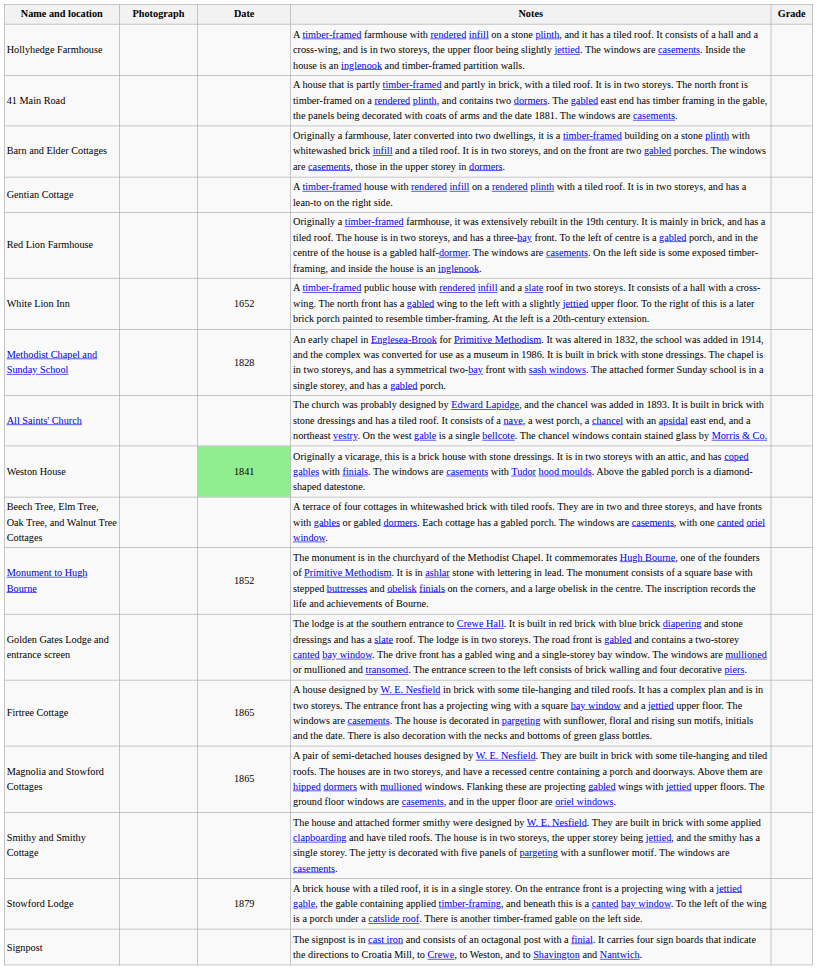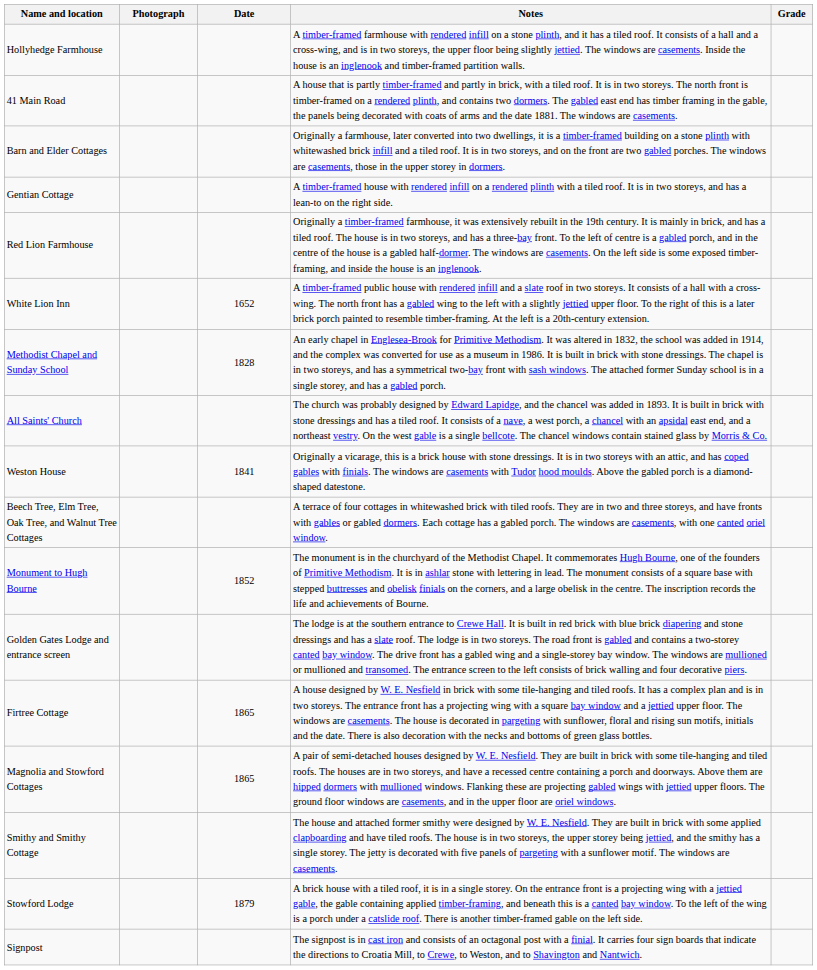 <table class="wikitable sortable plainrowheaders" style="width:100%;border:0px;text-align:left;line-height:150%;">
 <tr>
 <th scope="col"  style="width:150px">Name and location</th>
 <th scope="col"  style="width:100px" class="unsortable">Photograph</th>
 <th scope="col"  style="width:120px">Date</th>
 <th scope="col"  style="width:650px" class="unsortable">Notes</th>
 <th scope="col"  style="width:50px">Grade</th>
 </tr>
 <tr>
 <td>Hollyhedge Farmhouse<br><small></small></td>
 <td></td>
 <td align="center"></td>
 <td>A <a href='#'>timber-framed</a> farmhouse with <a href='#'>rendered</a> <a href='#'>infill</a> on a stone <a href='#'>plinth</a>, and it has a tiled roof.  It consists of a hall and a cross-wing, and is in two storeys, the upper floor being slightly <a href='#'>jettied</a>.  The windows are <a href='#'>casements</a>.  Inside the house is an <a href='#'>inglenook</a> and timber-framed partition walls.</td>
 <td align="center" ></td>
 </tr>
 <tr>
 <td>41 Main Road<br><small></small></td>
 <td></td>
 <td align="center"></td>
 <td>A house that is partly <a href='#'>timber-framed</a> and partly in brick, with a tiled roof.  It is in two storeys.  The north front is timber-framed on a <a href='#'>rendered</a> <a href='#'>plinth</a>, and contains two <a href='#'>dormers</a>.  The <a href='#'>gabled</a> east end has timber framing in the gable, the panels being decorated with coats of arms and the date 1881.  The windows are <a href='#'>casements</a>.</td>
 <td align="center" ></td>
 </tr>
 <tr>
 <td>Barn and Elder Cottages<br><small></small></td>
 <td></td>
 <td align="center"></td>
 <td>Originally a farmhouse, later converted into two dwellings, it is a <a href='#'>timber-framed</a> building on a stone <a href='#'>plinth</a> with whitewashed brick <a href='#'>infill</a> and a tiled roof.  It is in two storeys, and on the front are two <a href='#'>gabled</a> porches.  The windows are <a href='#'>casements</a>, those in the upper storey in <a href='#'>dormers</a>.</td>
 <td align="center" ></td>
 </tr>
 <tr>
 <td>Gentian Cottage<br><small></small></td>
 <td></td>
 <td align="center"></td>
 <td>A <a href='#'>timber-framed</a> house with <a href='#'>rendered</a> <a href='#'>infill</a> on a <a href='#'>rendered</a> <a href='#'>plinth</a> with a tiled roof.  It is in two storeys, and has a lean-to on the right side.</td>
 <td align="center" ></td>
 </tr>
 <tr>
 <td>Red Lion Farmhouse<br><small></small></td>
 <td></td>
 <td align="center"></td>
 <td>Originally a <a href='#'>timber-framed</a> farmhouse, it was extensively rebuilt in the 19th century.  It is mainly in brick, and has a tiled roof.  The house is in two storeys, and has a three-<a href='#'>bay</a> front.  To the left of centre is a <a href='#'>gabled</a> porch, and in the centre of the house is a gabled half-<a href='#'>dormer</a>.  The windows are <a href='#'>casements</a>.  On the left side is some exposed timber-framing, and inside the house is an <a href='#'>inglenook</a>.</td>
 <td align="center" ></td>
 </tr>
 <tr>
 <td>White Lion Inn<br><small></small></td>
 <td></td>
 <td align="center">1652</td>
 <td>A <a href='#'>timber-framed</a> public house with <a href='#'>rendered</a> <a href='#'>infill</a> and a <a href='#'>slate</a> roof in two storeys.  It consists of a hall with a cross-wing.  The north front has a <a href='#'>gabled</a> wing to the left with a slightly <a href='#'>jettied</a> upper floor.  To the right of this is a later brick porch painted to resemble timber-framing.  At the left is a 20th-century extension.</td>
 <td align="center" ></td>
 </tr>
 <tr>
 <td><a href='#'>Methodist Chapel and Sunday School</a><br><small></small></td>
 <td></td>
 <td align="center">1828</td>
 <td>An early chapel in <a href='#'>Englesea-Brook</a> for <a href='#'>Primitive Methodism</a>.  It was altered in 1832, the school was added in 1914, and the complex was converted for use as a museum in 1986.  It is built in brick with stone dressings.  The chapel is in two storeys, and has a symmetrical two-<a href='#'>bay</a> front with <a href='#'>sash windows</a>.  The attached former Sunday school is in a single storey, and has a <a href='#'>gabled</a> porch.</td>
 <td align="center" ></td>
 </tr>
 <tr>
 <td><a href='#'>All Saints' Church</a><br><small></small></td>
 <td></td>
 <td align="center"></td>
 <td>The church was probably designed by <a href='#'>Edward Lapidge</a>, and the chancel was added in 1893.  It is built in brick with stone dressings and has a tiled roof.  It consists of a <a href='#'>nave</a>, a west porch, a <a href='#'>chancel</a> with an <a href='#'>apsidal</a> east end, and a northeast <a href='#'>vestry</a>.  On the west <a href='#'>gable</a> is a single <a href='#'>bellcote</a>.  The chancel windows contain stained glass by <a href='#'>Morris & Co.</a></td>
 <td align="center" ></td>
 </tr>
 <tr>
 <td>Weston House<br><small></small></td>
 <td></td>
-<td align="center" style="background: lightgreen;">1841</td>
+<td align="center">1841</td>
 <td>Originally a vicarage, this is a brick house with stone dressings.  It is in two storeys with an attic, and has <a href='#'>coped</a> <a href='#'>gables</a> with <a href='#'>finials</a>.  The windows are <a href='#'>casements</a> with <a href='#'>Tudor</a> <a href='#'>hood moulds</a>.  Above the gabled porch is a diamond-shaped datestone.</td>
 <td align="center" ></td>
 </tr>
 <tr>
 <td>Beech Tree, Elm Tree, Oak Tree, and Walnut Tree Cottages<br><small></small></td>
 <td></td>
 <td align="center"></td>
 <td>A terrace of four cottages in whitewashed brick with tiled roofs.  They are in two and three storeys, and have fronts with <a href='#'>gables</a> or gabled <a href='#'>dormers</a>.  Each cottage has a gabled porch.  The windows are <a href='#'>casements</a>, with one <a href='#'>canted</a> <a href='#'>oriel window</a>.</td>
 <td align="center" ></td>
 </tr>
 <tr>
 <td><a href='#'>Monument to Hugh Bourne</a><br><small></small></td>
 <td></td>
 <td align="center">1852</td>
 <td>The monument is in the churchyard of the Methodist Chapel.  It commemorates <a href='#'>Hugh Bourne</a>, one of the founders of <a href='#'>Primitive Methodism</a>.  It is in <a href='#'>ashlar</a> stone with lettering in lead.  The monument consists of a square base with stepped <a href='#'>buttresses</a> and <a href='#'>obelisk</a> <a href='#'>finials</a> on the corners, and a large obelisk in the centre.   The inscription records the life and achievements of Bourne.</td>
 <td align="center" ></td>
 </tr>
 <tr>
 <td>Golden Gates Lodge and entrance screen<br><small></small></td>
 <td></td>
 <td align="center"></td>
 <td>The lodge is at the southern entrance to <a href='#'>Crewe Hall</a>.  It is built in red brick with blue brick <a href='#'>diapering</a> and stone dressings and has a <a href='#'>slate</a> roof.  The lodge is in two storeys.  The road front is <a href='#'>gabled</a> and contains a two-storey <a href='#'>canted</a> <a href='#'>bay window</a>. The drive front has a gabled wing and a single-storey bay window.  The windows are <a href='#'>mullioned</a> or mullioned and <a href='#'>transomed</a>.  The entrance screen to the left consists of brick walling and four decorative <a href='#'>piers</a>.</td>
 <td align="center" ></td>
 </tr>
 <tr>
 <td>Firtree Cottage<br><small></small></td>
 <td></td>
 <td align="center">1865</td>
 <td>A house designed by <a href='#'>W. E. Nesfield</a> in brick with some tile-hanging and tiled roofs.  It has a complex plan and is in two storeys.  The entrance front has a projecting wing with a square <a href='#'>bay window</a> and a <a href='#'>jettied</a> upper floor.  The windows are <a href='#'>casements</a>.  The house is decorated in <a href='#'>pargeting</a> with sunflower, floral and rising sun motifs, initials and the date.  There is also decoration with the necks and bottoms of green glass bottles.</td>
 <td align="center" ></td>
 </tr>
 <tr>
 <td>Magnolia and Stowford Cottages<br><small></small></td>
 <td></td>
 <td align="center">1865</td>
 <td>A pair of semi-detached houses designed by <a href='#'>W. E. Nesfield</a>.  They are built in brick with some tile-hanging and tiled roofs.  The houses are in two storeys, and have a recessed centre containing a porch and doorways.  Above them are <a href='#'>hipped</a> <a href='#'>dormers</a> with <a href='#'>mullioned</a> windows.  Flanking these are projecting <a href='#'>gabled</a> wings with <a href='#'>jettied</a> upper floors.  The ground floor windows are <a href='#'>casements</a>, and in the upper floor are <a href='#'>oriel windows</a>.</td>
 <td align="center" ></td>
 </tr>
 <tr>
 <td>Smithy and Smithy Cottage<br><small></small></td>
 <td></td>
 <td align="center"></td>
 <td>The house and attached former smithy were designed by <a href='#'>W. E. Nesfield</a>.  They are built in brick with some applied <a href='#'>clapboarding</a> and have tiled roofs.  The house is in two storeys, the upper storey being <a href='#'>jettied</a>, and the smithy has a single storey.  The jetty is decorated with five panels of <a href='#'>pargeting</a> with a sunflower motif.  The windows are <a href='#'>casements</a>.</td>
 <td align="center" ></td>
 </tr>
 <tr>
 <td>Stowford Lodge<br><small></small></td>
 <td></td>
 <td align="center">1879</td>
 <td>A brick house with a tiled roof, it is in a single storey.  On the entrance front is a projecting wing with a <a href='#'>jettied</a> <a href='#'>gable</a>, the gable containing applied <a href='#'>timber-framing</a>, and beneath this is a <a href='#'>canted</a> <a href='#'>bay window</a>.  To the left of the wing is a porch under a <a href='#'>catslide roof</a>.  There is another timber-framed gable on the left side.</td>
 <td align="center" ></td>
 </tr>
 <tr>
 <td>Signpost<br><small></small></td>
 <td></td>
 <td align="center"></td>
 <td>The signpost is in <a href='#'>cast iron</a> and consists of an octagonal post with a <a href='#'>finial</a>.  It carries four sign boards that indicate the directions to Croatia Mill, to <a href='#'>Crewe</a>, to Weston, and to <a href='#'>Shavington</a> and <a href='#'>Nantwich</a>.</td>
 <td align="center" ></td>
 </tr>
 <tr>
 </tr>
 </table>
